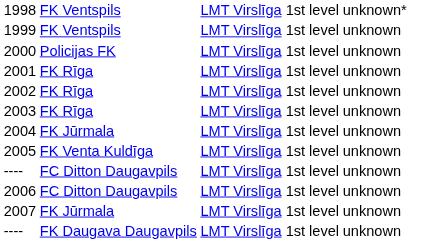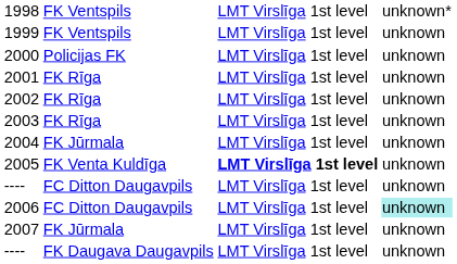 <table>
 <tr>
 <td>1998</td>
 <td> <a href='#'>FK Ventspils</a></td>
 <td><a href='#'>LMT Virslīga</a> 1st level</td>
 <td>unknown*</td>
 </tr>
 <tr>
 <td>1999</td>
 <td> <a href='#'>FK Ventspils</a></td>
 <td><a href='#'>LMT Virslīga</a> 1st level</td>
 <td>unknown</td>
 </tr>
 <tr>
 <td>2000</td>
 <td> <a href='#'>Policijas FK</a></td>
 <td><a href='#'>LMT Virslīga</a> 1st level</td>
 <td>unknown</td>
 </tr>
 <tr>
 <td>2001</td>
 <td> <a href='#'>FK Rīga</a></td>
 <td><a href='#'>LMT Virslīga</a> 1st level</td>
 <td>unknown</td>
 </tr>
 <tr>
 <td>2002</td>
 <td> <a href='#'>FK Rīga</a></td>
 <td><a href='#'>LMT Virslīga</a> 1st level</td>
 <td>unknown</td>
 </tr>
 <tr>
 <td>2003</td>
 <td> <a href='#'>FK Rīga</a></td>
 <td><a href='#'>LMT Virslīga</a> 1st level</td>
 <td>unknown</td>
 </tr>
 <tr>
 <td>2004</td>
 <td> <a href='#'>FK Jūrmala</a></td>
 <td><a href='#'>LMT Virslīga</a> 1st level</td>
 <td>unknown</td>
 </tr>
 <tr>
 <td>2005</td>
 <td> <a href='#'>FK Venta Kuldīga</a></td>
-<td><a href='#'>LMT Virslīga</a> 1st level</td>
+<td><strong><a href='#'>LMT Virslīga</a> 1st level</strong></td>
 <td>unknown</td>
 </tr>
 <tr>
 <td>----</td>
 <td> <a href='#'>FC Ditton Daugavpils</a></td>
 <td><a href='#'>LMT Virslīga</a> 1st level</td>
 <td>unknown</td>
 </tr>
 <tr>
 <td>2006</td>
 <td> <a href='#'>FC Ditton Daugavpils</a></td>
 <td><a href='#'>LMT Virslīga</a> 1st level</td>
-<td>unknown</td>
+<td style="background: paleturquoise;">unknown</td>
 </tr>
 <tr>
 <td>2007</td>
 <td> <a href='#'>FK Jūrmala</a></td>
 <td><a href='#'>LMT Virslīga</a> 1st level</td>
 <td>unknown</td>
 </tr>
 <tr>
 <td>----</td>
 <td> <a href='#'>FK Daugava Daugavpils</a></td>
 <td><a href='#'>LMT Virslīga</a> 1st level</td>
 <td>unknown</td>
 </tr>
 </table>
